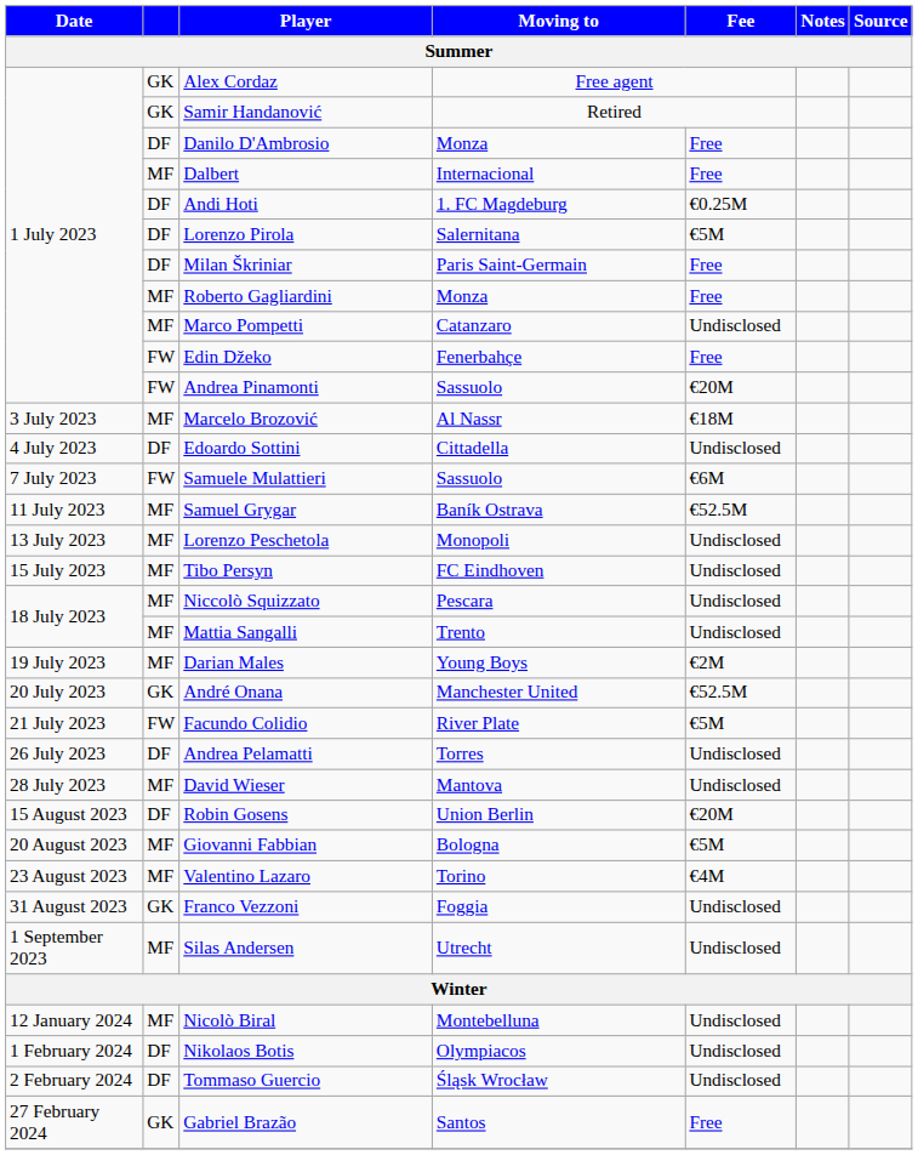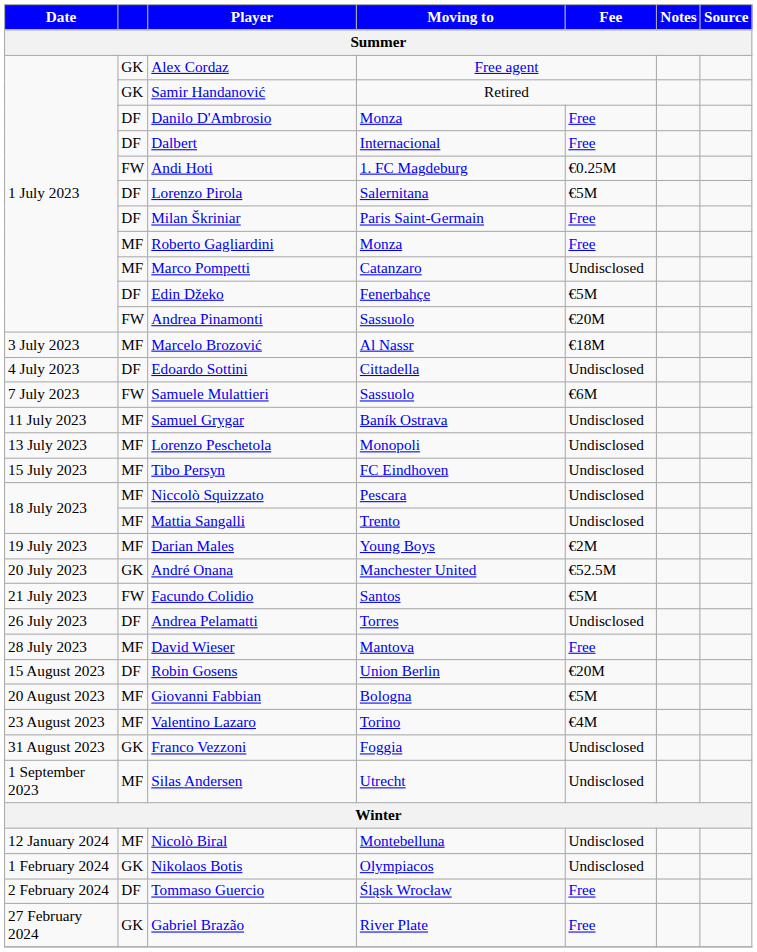 <table class="wikitable sortable" style="font-size:90%;">
 <tr>
 <th style="background:#0000FF; color:white; width:100px;">Date</th>
 <th style="background:#0000FF; color:white; width:20px;"></th>
 <th style="background:#0000FF; color:white; width:190px;">Player</th>
 <th style="background:#0000FF; color:white; width:190px;">Moving to</th>
 <th style="background:#0000FF; color:white; width:80px;">Fee</th>
 <th style="background:#0000FF; color:white; width:20px;" class="unsortable">Notes</th>
 <th style="background:#0000FF; color:white; width:20px;" class="unsortable">Source</th>
 </tr>
 <tr>
 <th colspan=8>Summer</th>
 </tr>
 <tr>
 <td rowspan="11">1 July 2023</td>
 <td>GK</td>
 <td> <a href='#'>Alex Cordaz</a></td>
 <td colspan=2; style="text-align:center"><a href='#'>Free agent</a></td>
 <td></td>
 <td></td>
 </tr>
 <tr>
 <td>GK</td>
 <td> <a href='#'>Samir Handanović</a></td>
 <td colspan=2; style="text-align:center">Retired</td>
 <td></td>
 <td></td>
 </tr>
 <tr>
 <td>DF</td>
 <td> <a href='#'>Danilo D'Ambrosio</a></td>
 <td> <a href='#'>Monza</a></td>
 <td><a href='#'>Free</a></td>
 <td></td>
 <td></td>
 </tr>
 <tr>
-<td>MF</td>
+<td>DF</td>
 <td> <a href='#'>Dalbert</a></td>
 <td> <a href='#'>Internacional</a></td>
 <td><a href='#'>Free</a></td>
 <td></td>
 <td></td>
 </tr>
 <tr>
-<td>DF</td>
+<td>FW</td>
 <td> <a href='#'>Andi Hoti</a></td>
 <td> <a href='#'>1. FC Magdeburg</a></td>
 <td>€0.25M</td>
 <td></td>
 <td></td>
 </tr>
 <tr>
 <td>DF</td>
 <td> <a href='#'>Lorenzo Pirola</a></td>
 <td> <a href='#'>Salernitana</a></td>
 <td>€5M</td>
 <td></td>
 <td></td>
 </tr>
 <tr>
 <td>DF</td>
 <td> <a href='#'>Milan Škriniar</a></td>
 <td> <a href='#'>Paris Saint-Germain</a></td>
 <td><a href='#'>Free</a></td>
 <td></td>
 <td></td>
 </tr>
 <tr>
 <td>MF</td>
 <td> <a href='#'>Roberto Gagliardini</a></td>
 <td> <a href='#'>Monza</a></td>
 <td><a href='#'>Free</a></td>
 <td></td>
 <td></td>
 </tr>
 <tr>
 <td>MF</td>
 <td> <a href='#'>Marco Pompetti</a></td>
 <td> <a href='#'>Catanzaro</a></td>
 <td>Undisclosed</td>
 <td></td>
 <td></td>
 </tr>
 <tr>
-<td>FW</td>
+<td>DF</td>
 <td> <a href='#'>Edin Džeko</a></td>
 <td> <a href='#'>Fenerbahçe</a></td>
-<td><a href='#'>Free</a></td>
+<td>€5M</td>
 <td></td>
 <td></td>
 </tr>
 <tr>
 <td>FW</td>
 <td> <a href='#'>Andrea Pinamonti</a></td>
 <td> <a href='#'>Sassuolo</a></td>
 <td>€20M</td>
 <td></td>
 <td></td>
 </tr>
 <tr>
 <td>3 July 2023</td>
 <td>MF</td>
 <td> <a href='#'>Marcelo Brozović</a></td>
 <td> <a href='#'>Al Nassr</a></td>
 <td>€18M</td>
 <td></td>
 <td></td>
 </tr>
 <tr>
 <td>4 July 2023</td>
 <td>DF</td>
 <td> <a href='#'>Edoardo Sottini</a></td>
 <td> <a href='#'>Cittadella</a></td>
 <td>Undisclosed</td>
 <td></td>
 <td></td>
 </tr>
 <tr>
 <td>7 July 2023</td>
 <td>FW</td>
 <td> <a href='#'>Samuele Mulattieri</a></td>
 <td> <a href='#'>Sassuolo</a></td>
 <td>€6M</td>
 <td></td>
 <td></td>
 </tr>
 <tr>
 <td>11 July 2023</td>
 <td>MF</td>
 <td> <a href='#'>Samuel Grygar</a></td>
 <td> <a href='#'>Baník Ostrava</a></td>
-<td>€52.5M</td>
+<td>Undisclosed</td>
 <td></td>
 <td></td>
 </tr>
 <tr>
 <td>13 July 2023</td>
 <td>MF</td>
 <td> <a href='#'>Lorenzo Peschetola</a></td>
 <td> <a href='#'>Monopoli</a></td>
 <td>Undisclosed</td>
 <td></td>
 <td></td>
 </tr>
 <tr>
 <td>15 July 2023</td>
 <td>MF</td>
 <td> <a href='#'>Tibo Persyn</a></td>
 <td> <a href='#'>FC Eindhoven</a></td>
 <td>Undisclosed</td>
 <td></td>
 <td></td>
 </tr>
 <tr>
 <td rowspan="2">18 July 2023</td>
 <td>MF</td>
 <td> <a href='#'>Niccolò Squizzato</a></td>
 <td> <a href='#'>Pescara</a></td>
 <td>Undisclosed</td>
 <td></td>
 <td></td>
 </tr>
 <tr>
 <td>MF</td>
 <td> <a href='#'>Mattia Sangalli</a></td>
 <td> <a href='#'>Trento</a></td>
 <td>Undisclosed</td>
 <td></td>
 <td></td>
 </tr>
 <tr>
 <td>19 July 2023</td>
 <td>MF</td>
 <td> <a href='#'>Darian Males</a></td>
 <td> <a href='#'>Young Boys</a></td>
 <td>€2M</td>
 <td></td>
 <td></td>
 </tr>
 <tr>
 <td>20 July 2023</td>
 <td>GK</td>
 <td> <a href='#'>André Onana</a></td>
 <td> <a href='#'>Manchester United</a></td>
 <td>€52.5M</td>
 <td></td>
 <td></td>
 </tr>
 <tr>
 <td>21 July 2023</td>
 <td>FW</td>
 <td> <a href='#'>Facundo Colidio</a></td>
-<td> <a href='#'>River Plate</a></td>
+<td> <a href='#'>Santos</a></td>
 <td>€5M</td>
 <td></td>
 <td></td>
 </tr>
 <tr>
 <td>26 July 2023</td>
 <td>DF</td>
 <td> <a href='#'>Andrea Pelamatti</a></td>
 <td> <a href='#'>Torres</a></td>
 <td>Undisclosed</td>
 <td></td>
 <td></td>
 </tr>
 <tr>
 <td>28 July 2023</td>
 <td>MF</td>
 <td> <a href='#'>David Wieser</a></td>
 <td> <a href='#'>Mantova</a></td>
-<td>Undisclosed</td>
+<td><a href='#'>Free</a></td>
 <td></td>
 <td></td>
 </tr>
 <tr>
 <td>15 August 2023</td>
 <td>DF</td>
 <td> <a href='#'>Robin Gosens</a></td>
 <td> <a href='#'>Union Berlin</a></td>
 <td>€20M</td>
 <td></td>
 <td></td>
 </tr>
 <tr>
 <td>20 August 2023</td>
 <td>MF</td>
 <td> <a href='#'>Giovanni Fabbian</a></td>
 <td> <a href='#'>Bologna</a></td>
 <td>€5M</td>
 <td></td>
 <td></td>
 </tr>
 <tr>
 <td>23 August 2023</td>
 <td>MF</td>
 <td> <a href='#'>Valentino Lazaro</a></td>
 <td> <a href='#'>Torino</a></td>
 <td>€4M</td>
 <td></td>
 <td></td>
 </tr>
 <tr>
 <td>31 August 2023</td>
 <td>GK</td>
 <td> <a href='#'>Franco Vezzoni</a></td>
 <td> <a href='#'>Foggia</a></td>
 <td>Undisclosed</td>
 <td></td>
 <td></td>
 </tr>
 <tr>
 <td>1 September 2023</td>
 <td>MF</td>
 <td> <a href='#'>Silas Andersen</a></td>
 <td> <a href='#'>Utrecht</a></td>
 <td>Undisclosed</td>
 <td></td>
 <td></td>
 </tr>
 <tr>
 <th colspan=8>Winter</th>
 </tr>
 <tr>
 <td>12 January 2024</td>
 <td>MF</td>
 <td> <a href='#'>Nicolò Biral</a></td>
 <td> <a href='#'>Montebelluna</a></td>
 <td>Undisclosed</td>
 <td></td>
 <td></td>
 </tr>
 <tr>
 <td>1 February 2024</td>
-<td>DF</td>
+<td>GK</td>
 <td> <a href='#'>Nikolaos Botis</a></td>
 <td> <a href='#'>Olympiacos</a></td>
 <td>Undisclosed</td>
 <td></td>
 <td></td>
 </tr>
 <tr>
 <td>2 February 2024</td>
 <td>DF</td>
 <td> <a href='#'>Tommaso Guercio</a></td>
 <td> <a href='#'>Śląsk Wrocław</a></td>
-<td>Undisclosed</td>
+<td><a href='#'>Free</a></td>
 <td></td>
 <td></td>
 </tr>
 <tr>
 <td>27 February 2024</td>
 <td>GK</td>
 <td> <a href='#'>Gabriel Brazão</a></td>
-<td> <a href='#'>Santos</a></td>
+<td> <a href='#'>River Plate</a></td>
 <td><a href='#'>Free</a></td>
 <td></td>
 <td></td>
 </tr>
 <tr>
 </tr>
 </table>
